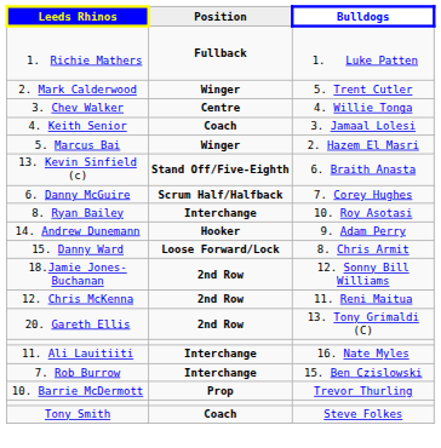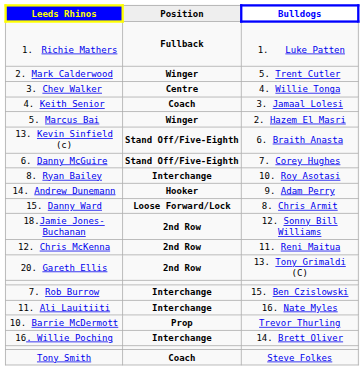 <table align="right" class="wikitable" style="font-size:90%; margin-left:1em">
 <tr>
 <th align="centre" width="145" style="border: 3px solid yellow; background: blue; color: yellow">Leeds Rhinos</th>
 <th align="center" style="background: #eeeeee; color: black">Position</th>
 <th align="centre" width="145" style="border: 3px solid blue; background: white; color: blue">Bulldogs</th>
 </tr>
 <tr>
 <td align="center" colspan="1"><br><ol><li><a href='#'>Richie Mathers</a></li></ol></td>
 <td align="center" colspan="1"><strong>Fullback</strong></td>
 <td align="center" colspan="1"><br><ol><li><a href='#'>Luke Patten</a></li></ol></td>
 </tr>
 <tr>
 <td align="center" colspan="1">2. <a href='#'>Mark Calderwood</a></td>
 <td align="center" colspan="1"><strong>Winger</strong></td>
 <td align="center" colspan="1">5. <a href='#'>Trent Cutler</a></td>
 </tr>
 <tr>
 <td align="center" colspan="1">3. <a href='#'>Chev Walker</a></td>
 <td align="center" colspan="1"><strong>Centre</strong></td>
 <td align="center" colspan="1">4. <a href='#'>Willie Tonga</a></td>
 </tr>
 <tr>
 <td align="center" colspan="1">4. <a href='#'>Keith Senior</a></td>
 <td align="center" colspan="1"><strong>Coach</strong></td>
 <td align="center" colspan="1">3. <a href='#'>Jamaal Lolesi</a></td>
 </tr>
 <tr>
 <td align="center" colspan="1">5. <a href='#'>Marcus Bai</a></td>
 <td align="center" colspan="1"><strong>Winger</strong></td>
 <td align="center" colspan="1">2. <a href='#'>Hazem El Masri</a></td>
 </tr>
 <tr>
 <td align="center" colspan="1">13. <a href='#'>Kevin Sinfield</a> (c)</td>
 <td align="center" colspan="1"><strong>Stand Off/Five-Eighth</strong></td>
 <td align="center" colspan="1">6. <a href='#'>Braith Anasta</a></td>
 </tr>
 <tr>
 <td align="center" colspan="1">6. <a href='#'>Danny McGuire</a></td>
-<td align="center" colspan="1"><strong>Scrum Half/Halfback</strong></td>
+<td align="center" colspan="1"><strong>Stand Off/Five-Eighth</strong></td>
 <td align="center" colspan="1">7. <a href='#'>Corey Hughes</a></td>
 </tr>
 <tr>
 <td align="center" colspan="1">8. <a href='#'>Ryan Bailey</a></td>
 <td align="center" colspan="1"><strong>Interchange</strong></td>
 <td align="center" colspan="1">10. <a href='#'>Roy Asotasi</a></td>
 </tr>
 <tr>
 <td align="center" colspan="1">14. <a href='#'>Andrew Dunemann</a></td>
 <td align="center" colspan="1"><strong>Hooker</strong></td>
 <td align="center" colspan="1">9. <a href='#'>Adam Perry</a></td>
 </tr>
 <tr>
 <td align="center" colspan="1">15. <a href='#'>Danny Ward</a></td>
 <td align="center" colspan="1"><strong>Loose Forward/Lock</strong></td>
 <td align="center" colspan="1">8. <a href='#'>Chris Armit</a></td>
 </tr>
 <tr>
 <td align="center" colspan="1">18.<a href='#'>Jamie Jones-Buchanan</a></td>
 <td align="center" colspan="1"><strong>2nd Row</strong></td>
 <td align="center" colspan="1">12. <a href='#'>Sonny Bill Williams</a></td>
 </tr>
 <tr>
 <td align="center" colspan="1">12. <a href='#'>Chris McKenna</a></td>
 <td align="center" colspan="1"><strong>2nd Row</strong></td>
 <td align="center" colspan="1">11. <a href='#'>Reni Maitua</a></td>
 </tr>
 <tr>
 <td align="center" colspan="1">20. <a href='#'>Gareth Ellis</a></td>
 <td align="center" colspan="1"><strong>2nd Row</strong></td>
 <td align="center" colspan="1">13. <a href='#'>Tony Grimaldi</a> (C)</td>
 </tr>
 <tr>
 <td align="center" colspan="1"></td>
 <td align="center" colspan="1"></td>
 <td align="center" colspan="1"></td>
 </tr>
 <tr>
+<td align="center" colspan="1">7. <a href='#'>Rob Burrow</a></td>
+<td align="center" colspan="1"><strong>Interchange</strong></td>
+<td align="center" colspan="1">15. <a href='#'>Ben Czislowski</a></td>
+</tr>
+<tr>
 <td align="center" colspan="1">11. <a href='#'>Ali Lauitiiti</a></td>
 <td align="center" colspan="1"><strong>Interchange</strong></td>
 <td align="center" colspan="1">16. <a href='#'>Nate Myles</a></td>
 </tr>
 <tr>
-<td align="center" colspan="1">7. <a href='#'>Rob Burrow</a></td>
-<td align="center" colspan="1"><strong>Interchange</strong></td>
-<td align="center" colspan="1">15. <a href='#'>Ben Czislowski</a></td>
-</tr>
-<tr>
 <td align="center" colspan="1">10. <a href='#'>Barrie McDermott</a></td>
 <td align="center" colspan="1"><strong>Prop</strong></td>
 <td align="center" colspan="1"><a href='#'>Trevor Thurling</a></td>
+</tr>
+<tr>
+<td align="center" colspan="1">16<a href='#'>. Willie Poching</a></td>
+<td align="center" colspan="1"><strong>Interchange</strong></td>
+<td align="center" colspan="1">14. <a href='#'>Brett Oliver</a></td>
 </tr>
 <tr>
 <td align="center" colspan="1"></td>
 <td align="center" colspan="1"></td>
 <td align="center" colspan="1"></td>
 </tr>
 <tr>
 <td align="center" colspan="1"><a href='#'>Tony Smith</a></td>
 <td align="center" colspan="1"><strong>Coach</strong></td>
 <td align="center" colspan="1"><a href='#'>Steve Folkes</a></td>
 </tr>
 </table>
